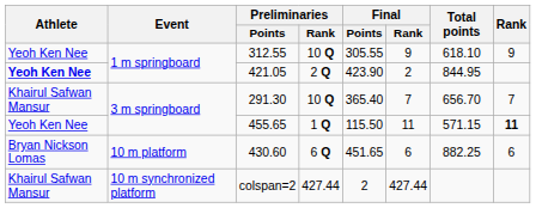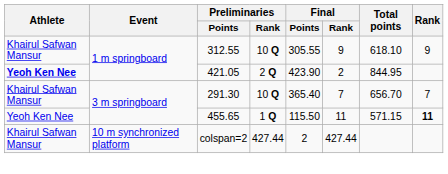 <table class="wikitable" style="font-size:90%;">
 <tr>
 <th rowspan=2>Athlete</th>
 <th rowspan=2>Event</th>
 <th colspan=2>Preliminaries</th>
 <th colspan=2>Final</th>
 <th rowspan=2>Total points</th>
 <th rowspan=2>Rank</th>
 </tr>
 <tr style="font-size:95%">
 <th>Points</th>
 <th>Rank</th>
 <th>Points</th>
 <th>Rank</th>
 </tr>
 <tr align=center>
-<td align=left><a href='#'>Yeoh Ken Nee</a></td>
+<td align=left><a href='#'>Khairul Safwan Mansur</a></td>
 <td align=left rowspan=2><a href='#'>1 m springboard</a></td>
 <td>312.55</td>
 <td>10 <strong>Q</strong></td>
 <td>305.55</td>
 <td>9</td>
 <td>618.10</td>
 <td>9</td>
 </tr>
 <tr align=center>
 <td align=left><strong><a href='#'>Yeoh Ken Nee</a></strong></td>
 <td>421.05</td>
 <td>2 <strong>Q</strong></td>
 <td>423.90</td>
 <td>2</td>
 <td>844.95</td>
 <td></td>
 </tr>
 <tr align=center>
 <td align=left><a href='#'>Khairul Safwan Mansur</a></td>
 <td align=left rowspan=2><a href='#'>3 m springboard</a></td>
 <td>291.30</td>
 <td>10 <strong>Q</strong></td>
 <td>365.40</td>
 <td>7</td>
 <td>656.70</td>
 <td>7</td>
 </tr>
 <tr align=center>
 <td align=left><a href='#'>Yeoh Ken Nee</a></td>
 <td>455.65</td>
 <td>1 <strong>Q</strong></td>
 <td>115.50</td>
 <td>11</td>
 <td>571.15</td>
 <td><strong>11</strong></td>
 </tr>
 <tr align=center>
-<td align=left><a href='#'>Bryan Nickson Lomas</a></td>
-<td align=left><a href='#'>10 m platform</a></td>
-<td>430.60</td>
-<td>6 <strong>Q</strong></td>
-<td>451.65</td>
-<td>6</td>
-<td>882.25</td>
-<td>6</td>
-</tr>
-<tr align=center>
 <td align=left><a href='#'>Khairul Safwan Mansur</a></td>
 <td align=left><a href='#'>10 m synchronized platform</a></td>
 <td>colspan=2 </td>
 <td>427.44</td>
 <td>2</td>
 <td>427.44</td>
 <td></td>
 </tr>
 </table>
